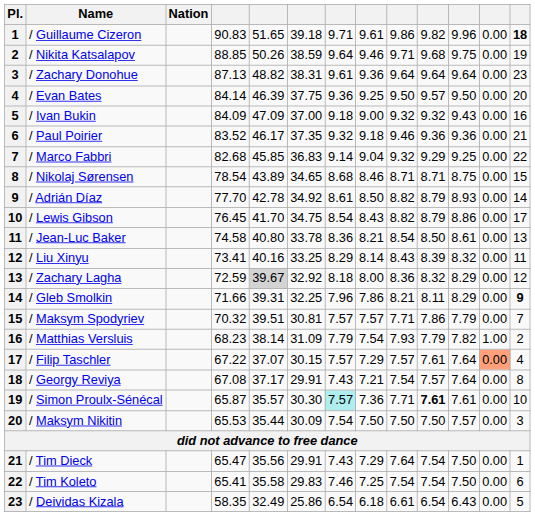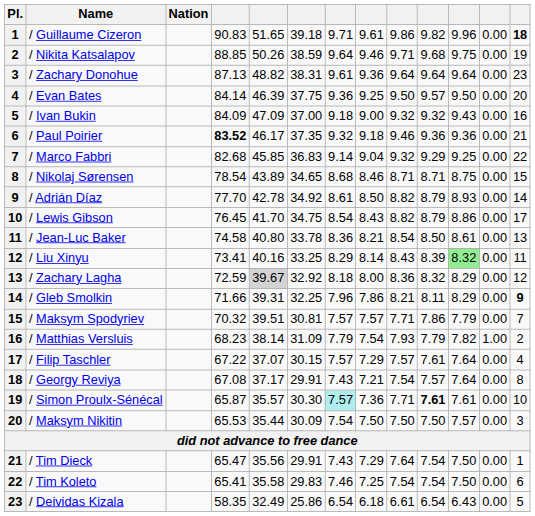 <table class="wikitable sortable" style="text-align:center">
 <tr>
 <th>Pl.</th>
 <th>Name</th>
 <th>Nation</th>
 <th></th>
 <th></th>
 <th></th>
 <th></th>
 <th></th>
 <th></th>
 <th></th>
 <th></th>
 <th></th>
 <th></th>
 </tr>
 <tr>
 <th>1</th>
 <td align=left> / <a href='#'>Guillaume Cizeron</a></td>
 <td align=left></td>
 <td>90.83</td>
 <td>51.65</td>
 <td>39.18</td>
 <td>9.71</td>
 <td>9.61</td>
 <td>9.86</td>
 <td>9.82</td>
 <td>9.96</td>
 <td>0.00</td>
 <td><strong>18</strong></td>
 </tr>
 <tr>
 <th>2</th>
 <td align=left> / <a href='#'>Nikita Katsalapov</a></td>
 <td align=left></td>
 <td>88.85</td>
 <td>50.26</td>
 <td>38.59</td>
 <td>9.64</td>
 <td>9.46</td>
 <td>9.71</td>
 <td>9.68</td>
 <td>9.75</td>
 <td>0.00</td>
 <td>19</td>
 </tr>
 <tr>
 <th>3</th>
 <td align=left> / <a href='#'>Zachary Donohue</a></td>
 <td align=left></td>
 <td>87.13</td>
 <td>48.82</td>
 <td>38.31</td>
 <td>9.61</td>
 <td>9.36</td>
 <td>9.64</td>
 <td>9.64</td>
 <td>9.64</td>
 <td>0.00</td>
 <td>23</td>
 </tr>
 <tr>
 <th>4</th>
 <td align=left> / <a href='#'>Evan Bates</a></td>
 <td align=left></td>
 <td>84.14</td>
 <td>46.39</td>
 <td>37.75</td>
 <td>9.36</td>
 <td>9.25</td>
 <td>9.50</td>
 <td>9.57</td>
 <td>9.50</td>
 <td>0.00</td>
 <td>20</td>
 </tr>
 <tr>
 <th>5</th>
 <td align=left> / <a href='#'>Ivan Bukin</a></td>
 <td align=left></td>
 <td>84.09</td>
 <td>47.09</td>
 <td>37.00</td>
 <td>9.18</td>
 <td>9.00</td>
 <td>9.32</td>
 <td>9.32</td>
 <td>9.43</td>
 <td>0.00</td>
 <td>16</td>
 </tr>
 <tr>
 <th>6</th>
 <td align=left> / <a href='#'>Paul Poirier</a></td>
 <td align=left></td>
-<td>83.52</td>
+<td><strong>83.52</strong></td>
 <td>46.17</td>
 <td>37.35</td>
 <td>9.32</td>
 <td>9.18</td>
 <td>9.46</td>
 <td>9.36</td>
 <td>9.36</td>
 <td>0.00</td>
 <td>21</td>
 </tr>
 <tr>
 <th>7</th>
 <td align=left> / <a href='#'>Marco Fabbri</a></td>
 <td align=left></td>
 <td>82.68</td>
 <td>45.85</td>
 <td>36.83</td>
 <td>9.14</td>
 <td>9.04</td>
 <td>9.32</td>
 <td>9.29</td>
 <td>9.25</td>
 <td>0.00</td>
 <td>22</td>
 </tr>
 <tr>
 <th>8</th>
 <td align=left> / <a href='#'>Nikolaj Sørensen</a></td>
 <td align=left></td>
 <td>78.54</td>
 <td>43.89</td>
 <td>34.65</td>
 <td>8.68</td>
 <td>8.46</td>
 <td>8.71</td>
 <td>8.71</td>
 <td>8.75</td>
 <td>0.00</td>
 <td>15</td>
 </tr>
 <tr>
 <th>9</th>
 <td align=left> / <a href='#'>Adrián Díaz</a></td>
 <td align=left></td>
 <td>77.70</td>
 <td>42.78</td>
 <td>34.92</td>
 <td>8.61</td>
 <td>8.50</td>
 <td>8.82</td>
 <td>8.79</td>
 <td>8.93</td>
 <td>0.00</td>
 <td>14</td>
 </tr>
 <tr>
 <th>10</th>
 <td align=left> / <a href='#'>Lewis Gibson</a></td>
 <td align=left></td>
 <td>76.45</td>
 <td>41.70</td>
 <td>34.75</td>
 <td>8.54</td>
 <td>8.43</td>
 <td>8.82</td>
 <td>8.79</td>
 <td>8.86</td>
 <td>0.00</td>
 <td>17</td>
 </tr>
 <tr>
 <th>11</th>
 <td align=left> / <a href='#'>Jean-Luc Baker</a></td>
 <td align=left></td>
 <td>74.58</td>
 <td>40.80</td>
 <td>33.78</td>
 <td>8.36</td>
 <td>8.21</td>
 <td>8.54</td>
 <td>8.50</td>
 <td>8.61</td>
 <td>0.00</td>
 <td>13</td>
 </tr>
 <tr>
 <th>12</th>
 <td align=left> / <a href='#'>Liu Xinyu</a></td>
 <td align=left></td>
 <td>73.41</td>
 <td>40.16</td>
 <td>33.25</td>
 <td>8.29</td>
 <td>8.14</td>
 <td>8.43</td>
 <td>8.39</td>
-<td>8.32</td>
+<td style="background: lightgreen;">8.32</td>
 <td>0.00</td>
 <td>11</td>
 </tr>
 <tr>
 <th>13</th>
 <td align=left> / <a href='#'>Zachary Lagha</a></td>
 <td align=left></td>
 <td>72.59</td>
 <td style="background: lightgrey;">39.67</td>
 <td>32.92</td>
 <td>8.18</td>
 <td>8.00</td>
 <td>8.36</td>
 <td>8.32</td>
 <td>8.29</td>
 <td>0.00</td>
 <td>12</td>
 </tr>
 <tr>
 <th>14</th>
 <td align=left> / <a href='#'>Gleb Smolkin</a></td>
 <td align=left></td>
 <td>71.66</td>
 <td>39.31</td>
 <td>32.25</td>
 <td>7.96</td>
 <td>7.86</td>
 <td>8.21</td>
 <td>8.11</td>
 <td>8.29</td>
 <td>0.00</td>
 <td><strong>9</strong></td>
 </tr>
 <tr>
 <th>15</th>
 <td align=left> / <a href='#'>Maksym Spodyriev</a></td>
 <td align=left></td>
 <td>70.32</td>
 <td>39.51</td>
 <td>30.81</td>
 <td>7.57</td>
 <td>7.57</td>
 <td>7.71</td>
 <td>7.86</td>
 <td>7.79</td>
 <td>0.00</td>
 <td>7</td>
 </tr>
 <tr>
 <th>16</th>
 <td align=left> / <a href='#'>Matthias Versluis</a></td>
 <td align=left></td>
 <td>68.23</td>
 <td>38.14</td>
 <td>31.09</td>
 <td>7.79</td>
 <td>7.54</td>
 <td>7.93</td>
 <td>7.79</td>
 <td>7.82</td>
 <td>1.00</td>
 <td>2</td>
 </tr>
 <tr>
 <th>17</th>
 <td align=left> / <a href='#'>Filip Taschler</a></td>
 <td align=left></td>
 <td>67.22</td>
 <td>37.07</td>
 <td>30.15</td>
 <td>7.57</td>
 <td>7.29</td>
 <td>7.57</td>
 <td>7.61</td>
 <td>7.64</td>
-<td style="background: lightsalmon;">0.00</td>
+<td>0.00</td>
 <td>4</td>
 </tr>
 <tr>
 <th>18</th>
 <td align=left> / <a href='#'>Georgy Reviya</a></td>
 <td align=left></td>
 <td>67.08</td>
 <td>37.17</td>
 <td>29.91</td>
 <td>7.43</td>
 <td>7.21</td>
 <td>7.54</td>
 <td>7.57</td>
 <td>7.64</td>
 <td>0.00</td>
 <td>8</td>
 </tr>
 <tr>
 <th>19</th>
 <td align=left> / <a href='#'>Simon Proulx-Sénécal</a></td>
 <td align=left></td>
 <td>65.87</td>
 <td>35.57</td>
 <td>30.30</td>
 <td style="background: paleturquoise;">7.57</td>
 <td>7.36</td>
 <td>7.71</td>
 <td><strong>7.61</strong></td>
 <td>7.61</td>
 <td>0.00</td>
 <td>10</td>
 </tr>
 <tr>
 <th>20</th>
 <td align=left> / <a href='#'>Maksym Nikitin</a></td>
 <td align=left></td>
 <td>65.53</td>
 <td>35.44</td>
 <td>30.09</td>
 <td>7.54</td>
 <td>7.50</td>
 <td>7.50</td>
 <td>7.50</td>
 <td>7.57</td>
 <td>0.00</td>
 <td>3</td>
 </tr>
 <tr>
 <th colspan="13"><em>did not advance to free dance</em></th>
 </tr>
 <tr>
 <th>21</th>
 <td align=left> / <a href='#'>Tim Dieck</a></td>
 <td align=left></td>
 <td>65.47</td>
 <td>35.56</td>
 <td>29.91</td>
 <td>7.43</td>
 <td>7.29</td>
 <td>7.64</td>
 <td>7.54</td>
 <td>7.50</td>
 <td>0.00</td>
 <td>1</td>
 </tr>
 <tr>
 <th>22</th>
 <td align=left> / <a href='#'>Tim Koleto</a></td>
 <td align=left></td>
 <td>65.41</td>
 <td>35.58</td>
 <td>29.83</td>
 <td>7.46</td>
 <td>7.25</td>
 <td>7.54</td>
 <td>7.54</td>
 <td>7.50</td>
 <td>0.00</td>
 <td>6</td>
 </tr>
 <tr>
 <th>23</th>
 <td align=left> / <a href='#'>Deividas Kizala</a></td>
 <td align=left></td>
 <td>58.35</td>
 <td>32.49</td>
 <td>25.86</td>
 <td>6.54</td>
 <td>6.18</td>
 <td>6.61</td>
 <td>6.54</td>
 <td>6.43</td>
 <td>0.00</td>
 <td>5</td>
 </tr>
 </table>
